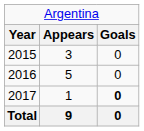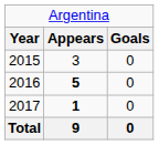 <table class="wikitable" style="text-align:center">
 <tr>
 <td colspan=4><a href='#'>Argentina</a></td>
 </tr>
 <tr>
 <th>Year</th>
 <th>Appears</th>
 <th>Goals</th>
 </tr>
 <tr>
 <td>2015</td>
 <td>3</td>
 <td>0</td>
 </tr>
 <tr>
 <td>2016</td>
-<td>5</td>
+<td><strong>5</strong></td>
 <td>0</td>
 </tr>
 <tr>
 <td>2017</td>
-<td>1</td>
-<td><strong>0</strong></td>
+<td><strong>1</strong></td>
+<td>0</td>
 </tr>
 <tr>
 <th>Total</th>
 <th>9</th>
 <th>0</th>
 </tr>
 </table>
